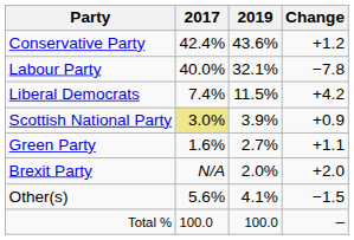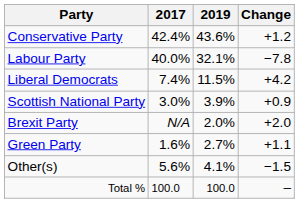 <table class="wikitable sortable">
 <tr>
 <th>Party</th>
 <th>2017</th>
 <th>2019</th>
 <th>Change</th>
 </tr>
 <tr style="text-align: right;">
 <td style="text-align: left;"><a href='#'>Conservative Party</a></td>
 <td>42.4%</td>
 <td>43.6%</td>
 <td>+1.2</td>
 </tr>
 <tr style="text-align: right;">
 <td style="text-align: left;"><a href='#'>Labour Party</a></td>
 <td>40.0%</td>
 <td>32.1%</td>
 <td>−7.8</td>
 </tr>
 <tr style="text-align: right;">
 <td style="text-align: left;"><a href='#'>Liberal Democrats</a></td>
 <td>7.4%</td>
 <td>11.5%</td>
 <td>+4.2</td>
 </tr>
 <tr style="text-align: right;">
 <td style="text-align: left;"><a href='#'>Scottish National Party</a></td>
-<td style="background: khaki;">3.0%</td>
+<td>3.0%</td>
 <td>3.9%</td>
 <td>+0.9</td>
+</tr>
+<tr style="text-align: right;">
+<td style="text-align: left;"><a href='#'>Brexit Party</a></td>
+<td><em>N/A</em></td>
+<td>2.0%</td>
+<td>+2.0</td>
 </tr>
 <tr style="text-align: right;">
 <td style="text-align: left;"><a href='#'>Green Party</a></td>
 <td>1.6%</td>
 <td>2.7%</td>
 <td>+1.1</td>
-</tr>
-<tr style="text-align: right;">
-<td style="text-align: left;"><a href='#'>Brexit Party</a></td>
-<td><em>N/A</em></td>
-<td>2.0%</td>
-<td>+2.0</td>
 </tr>
 <tr style="text-align: right;">
 <td style="text-align: left;">Other(s)</td>
 <td>5.6%</td>
 <td>4.1%</td>
 <td>−1.5</td>
 </tr>
 <tr style="text-align: right;">
 <td style="text-align: right;"><small>Total %</small></td>
 <td style="text-align: left;"><small>100.0</small></td>
 <td><small>100.0</small></td>
 <td>–</td>
 </tr>
 </table>
